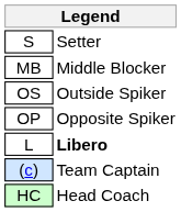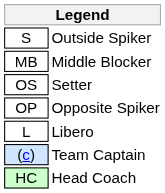 <table class="toccolours" style="margin-left: 50px; font-size: 90%; white-space: nowrap; valign: middle;">
 <tr>
 <th colspan="6" style="background-color: #F2F2F2; border: 1px solid #AAAAAA;">Legend</th>
 </tr>
 <tr>
 <td style="border: 1px solid black;" align=center>  S  </td>
-<td>Setter</td>
+<td>Outside Spiker</td>
 </tr>
 <tr>
 <td style="border: 1px solid black;" align=center>  MB  </td>
 <td>Middle Blocker</td>
 </tr>
 <tr>
 <td style="border: 1px solid black;" align=center>  OS  </td>
-<td>Outside Spiker</td>
+<td>Setter</td>
 </tr>
 <tr>
 <td style="border: 1px solid black;" align=center>  OP  </td>
 <td>Opposite Spiker</td>
 </tr>
 <tr>
 <td style="border: 1px solid black;" align=center>  L  </td>
-<td><strong>Libero</strong></td>
+<td>Libero</td>
 </tr>
 <tr>
 <td style="background: #D0E6FF; border: 1px solid black" align=center> (<a href='#'>c</a>) </td>
 <td>Team Captain</td>
 </tr>
 <tr>
 <td style="background: #ccffcc; border: 1px solid black" align=center> HC </td>
 <td>Head Coach</td>
 </tr>
 <tr>
 </tr>
 </table>
